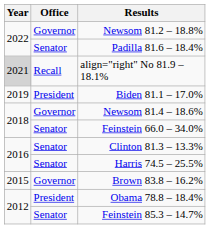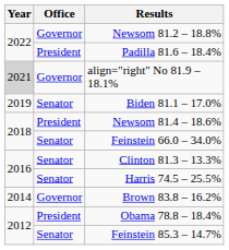 <table class=wikitable>
 <tr>
 <th width="30">Year</th>
 <th width="60">Office</th>
 <th width="180">Results</th>
 </tr>
 <tr>
 <td rowspan="2">2022</td>
 <td><a href='#'>Governor</a></td>
 <td align="right" ><a href='#'>Newsom</a> 81.2 – 18.8%</td>
 </tr>
 <tr>
-<td><a href='#'>Senator</a></td>
+<td><a href='#'>President</a></td>
 <td align="right" ><a href='#'>Padilla</a> 81.6 – 18.4%</td>
 </tr>
 <tr>
 <td style="background: lightgrey;">2021</td>
-<td><a href='#'>Recall</a></td>
+<td><a href='#'>Governor</a></td>
 <td>align="right"  No 81.9 – 18.1%</td>
 </tr>
 <tr>
 <td>2019</td>
-<td><a href='#'>President</a></td>
+<td><a href='#'>Senator</a></td>
 <td align="right" ><a href='#'>Biden</a> 81.1 – 17.0%</td>
 </tr>
 <tr>
 <td rowspan="2">2018</td>
-<td><a href='#'>Governor</a></td>
+<td><a href='#'>President</a></td>
 <td align="right" ><a href='#'>Newsom</a> 81.4 – 18.6%</td>
 </tr>
 <tr>
 <td><a href='#'>Senator</a></td>
 <td align="right" ><a href='#'>Feinstein</a> 66.0 – 34.0%</td>
 </tr>
 <tr>
 <td rowspan="2">2016</td>
 <td><a href='#'>Senator</a></td>
 <td align="right" ><a href='#'>Clinton</a> 81.3 – 13.3%</td>
 </tr>
 <tr>
 <td><a href='#'>Senator</a></td>
 <td align="right" ><a href='#'>Harris</a> 74.5 – 25.5%</td>
 </tr>
 <tr>
-<td>2015</td>
+<td>2014</td>
 <td><a href='#'>Governor</a></td>
 <td align="right" ><a href='#'>Brown</a> 83.8 – 16.2%</td>
 </tr>
 <tr>
 <td rowspan="2">2012</td>
 <td><a href='#'>President</a></td>
 <td align="right" ><a href='#'>Obama</a> 78.8 – 18.4%</td>
 </tr>
 <tr>
 <td><a href='#'>Senator</a></td>
 <td align="right" ><a href='#'>Feinstein</a> 85.3 – 14.7%</td>
 </tr>
 </table>
